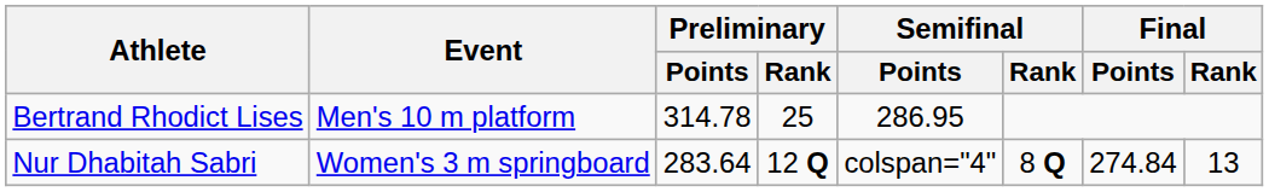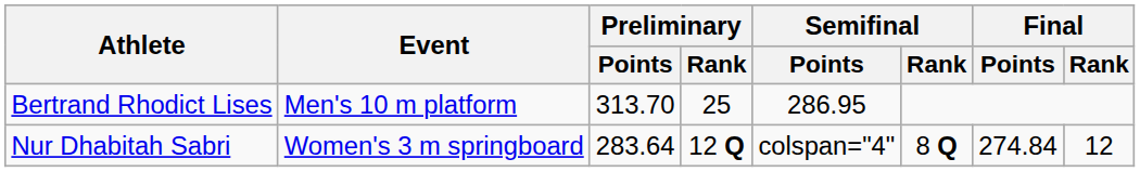 <table class=wikitable style=font-size:90%;text-align:center>
 <tr>
 <th rowspan=2>Athlete</th>
 <th rowspan=2>Event</th>
 <th colspan=2>Preliminary</th>
 <th colspan=2>Semifinal</th>
 <th colspan=2>Final</th>
 </tr>
 <tr style=font-size:95%>
 <th>Points</th>
 <th>Rank</th>
 <th>Points</th>
 <th>Rank</th>
 <th>Points</th>
 <th>Rank</th>
 </tr>
 <tr align=center>
 <td align=left><a href='#'>Bertrand Rhodict Lises</a></td>
 <td align=left><a href='#'>Men's 10 m platform</a></td>
-<td>314.78</td>
+<td>313.70</td>
 <td>25</td>
 <td>286.95</td>
 </tr>
 <tr>
 <td align=left><a href='#'>Nur Dhabitah Sabri</a></td>
 <td align=left><a href='#'>Women's 3 m springboard</a></td>
 <td>283.64</td>
 <td>12 <strong>Q</strong></td>
 <td>colspan="4" </td>
 <td>8 <strong>Q</strong></td>
 <td>274.84</td>
-<td>13</td>
+<td>12</td>
 </tr>
 </table>
